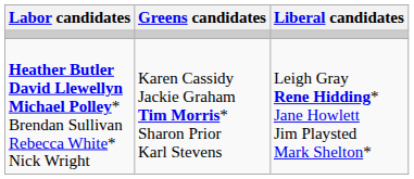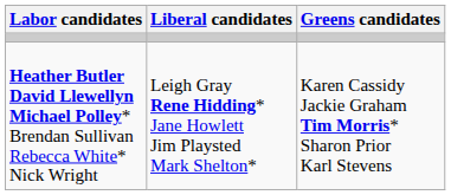 <table class="wikitable">
 <tr>
 <th><a href='#'>Labor</a> candidates</th>
+<th><a href='#'>Liberal</a> candidates</th>
 <th><a href='#'>Greens</a> candidates</th>
-<th><a href='#'>Liberal</a> candidates</th>
 </tr>
 <tr bgcolor="#cccccc">
 <td></td>
 <td></td>
 <td></td>
 </tr>
 <tr>
 <td><br><strong><a href='#'>Heather Butler</a></strong><br> <strong><a href='#'>David Llewellyn</a></strong><br> <strong><a href='#'>Michael Polley</a></strong>*<br> Brendan Sullivan<br> <a href='#'>Rebecca White</a>*<br> Nick Wright</td>
+<td><br>Leigh Gray<br> <strong><a href='#'>Rene Hidding</a></strong>*<br> <a href='#'>Jane Howlett</a><br> Jim Playsted<br> <a href='#'>Mark Shelton</a>*</td>
 <td><br>Karen Cassidy<br> Jackie Graham<br> <strong><a href='#'>Tim Morris</a></strong>*<br> Sharon Prior<br> Karl Stevens</td>
-<td><br>Leigh Gray<br> <strong><a href='#'>Rene Hidding</a></strong>*<br> <a href='#'>Jane Howlett</a><br> Jim Playsted<br> <a href='#'>Mark Shelton</a>*</td>
 </tr>
 </table>
